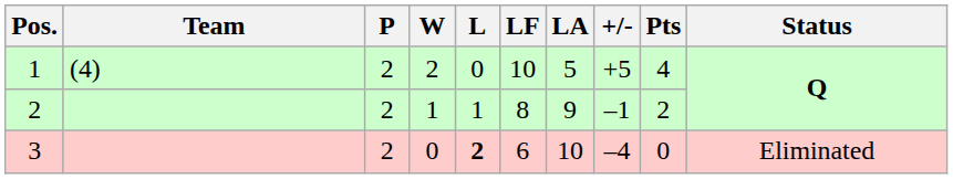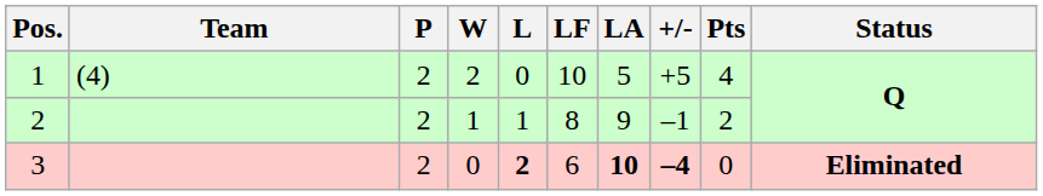 <table class="wikitable" style="text-align:center; margin: 1em auto 1em auto, align:left">
 <tr>
 <th width=20>Pos.</th>
 <th width=175>Team</th>
 <th width=20>P</th>
 <th width=20>W</th>
 <th width=20>L</th>
 <th width=20>LF</th>
 <th width=20>LA</th>
 <th width=20>+/-</th>
 <th width=20>Pts</th>
 <th width=150>Status</th>
 </tr>
 <tr style="background:#CCFFCC;">
 <td>1</td>
 <td style="text-align:left;"><strong></strong> (4)</td>
 <td>2</td>
 <td>2</td>
 <td>0</td>
 <td>10</td>
 <td>5</td>
 <td>+5</td>
 <td>4</td>
 <td rowspan=2><strong>Q</strong></td>
 </tr>
 <tr style="background:#CCFFCC;">
 <td>2</td>
 <td style="text-align:left;"><strong></strong></td>
 <td>2</td>
 <td>1</td>
 <td>1</td>
 <td>8</td>
 <td>9</td>
 <td>–1</td>
 <td>2</td>
 </tr>
 <tr style="background:#FFCCCC;">
 <td>3</td>
 <td style="text-align:left;"></td>
 <td>2</td>
 <td>0</td>
 <td><strong>2</strong></td>
 <td>6</td>
-<td>10</td>
-<td>–4</td>
+<td><strong>10</strong></td>
+<td><strong>–4</strong></td>
 <td>0</td>
-<td>Eliminated</td>
+<td><strong>Eliminated</strong></td>
 </tr>
 </table>
